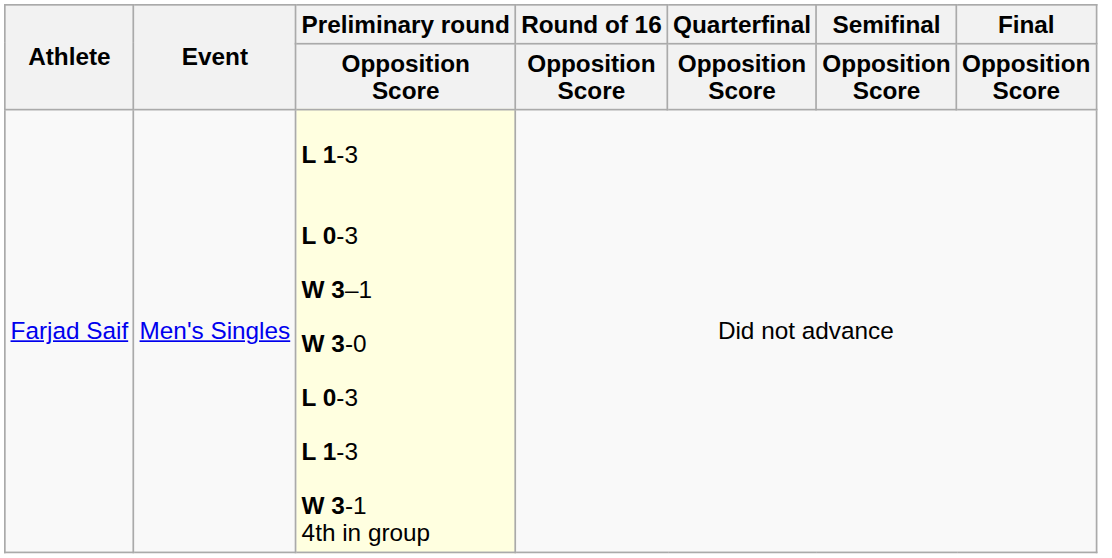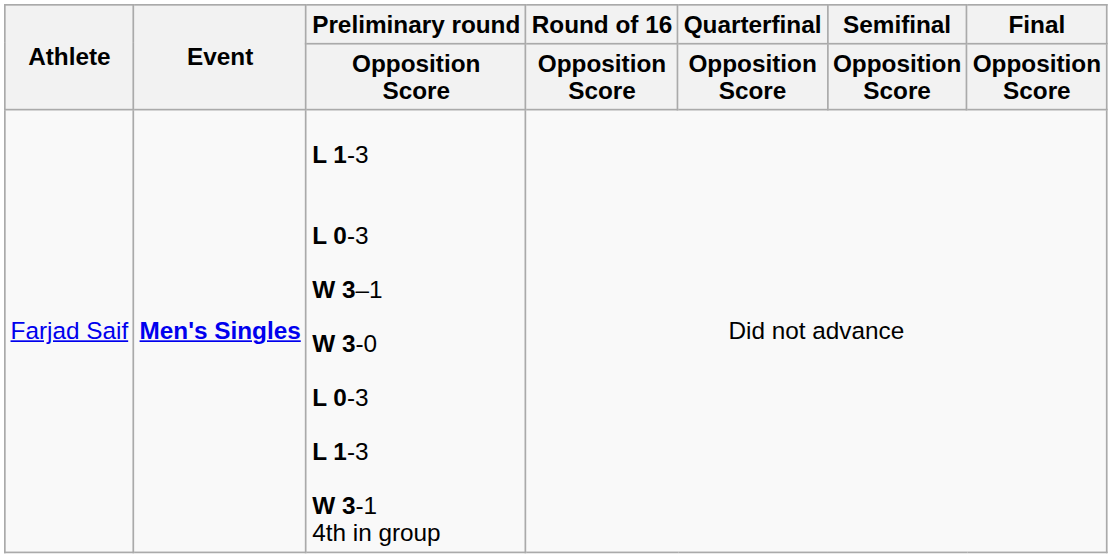 <table class=wikitable style="font-size:90%">
 <tr>
 <th rowspan="2">Athlete</th>
 <th rowspan="2">Event</th>
 <th>Preliminary round</th>
 <th>Round of 16</th>
 <th>Quarterfinal</th>
 <th>Semifinal</th>
 <th>Final</th>
 </tr>
 <tr>
 <th>Opposition <br>Score</th>
 <th>Opposition <br>Score</th>
 <th>Opposition <br>Score</th>
 <th>Opposition <br>Score</th>
 <th>Opposition <br>Score</th>
 </tr>
 <tr>
 <td><a href='#'>Farjad Saif</a></td>
-<td><a href='#'>Men's Singles</a></td>
-<td style="background: lightyellow;"><br><strong>L 1</strong>-3<br><br><br><strong>L 0</strong>-3<br> <br><strong>W 3</strong>–1<br> <br><strong>W 3</strong>-0<br> <br><strong>L 0</strong>-3<br> <br><strong>L 1</strong>-3<br> <br><strong>W 3</strong>-1<br>4th in group</td>
+<td><strong><a href='#'>Men's Singles</a></strong></td>
+<td><br><strong>L 1</strong>-3<br><br><br><strong>L 0</strong>-3<br> <br><strong>W 3</strong>–1<br> <br><strong>W 3</strong>-0<br> <br><strong>L 0</strong>-3<br> <br><strong>L 1</strong>-3<br> <br><strong>W 3</strong>-1<br>4th in group</td>
 <td align=center colspan=4>Did not advance</td>
 </tr>
 </table>
